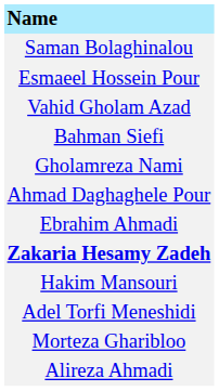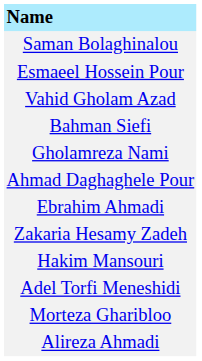 <table border=0 cellpadding=2 cellspacing=0  |- bgcolor=#F2F2F2 style="text-align:center; font-size:90%;">
 <tr bgcolor=#ADEBFD>
 <th align=left>Name</th>
 </tr>
 <tr>
 <td><a href='#'>Saman Bolaghinalou</a></td>
 </tr>
 <tr>
 <td><a href='#'>Esmaeel Hossein Pour</a></td>
 </tr>
 <tr>
 <td><a href='#'>Vahid Gholam Azad</a></td>
 </tr>
 <tr>
 <td><a href='#'>Bahman Siefi</a></td>
 </tr>
 <tr>
 <td><a href='#'>Gholamreza Nami</a></td>
 </tr>
 <tr>
 <td><a href='#'>Ahmad Daghaghele Pour</a></td>
 </tr>
 <tr>
 <td><a href='#'>Ebrahim Ahmadi</a></td>
 </tr>
 <tr>
-<td><strong><a href='#'>Zakaria Hesamy Zadeh</a></strong></td>
+<td><a href='#'>Zakaria Hesamy Zadeh</a></td>
 </tr>
 <tr>
 <td><a href='#'>Hakim Mansouri</a></td>
 </tr>
 <tr>
 <td><a href='#'>Adel Torfi Meneshidi</a></td>
 </tr>
 <tr>
 <td><a href='#'>Morteza Gharibloo</a></td>
 </tr>
 <tr>
 <td><a href='#'>Alireza Ahmadi</a></td>
 </tr>
 </table>
